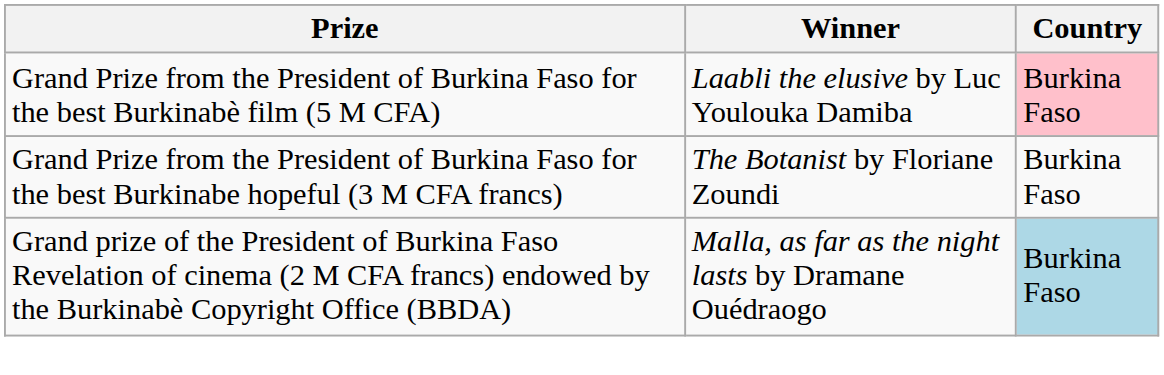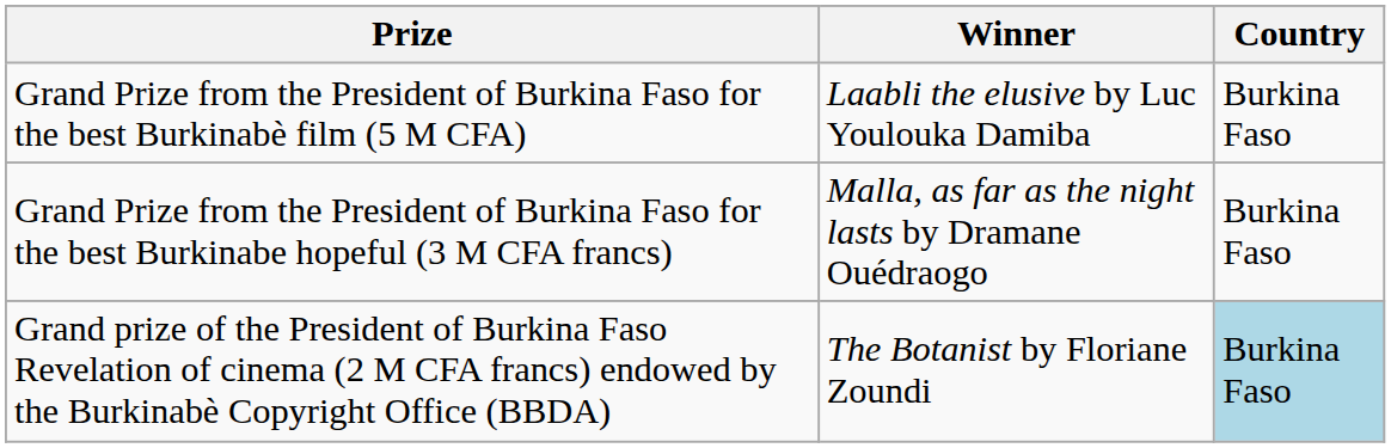 <table class="wikitable">
 <tr>
 <th>Prize</th>
 <th>Winner</th>
 <th>Country</th>
 </tr>
 <tr>
 <td>Grand Prize from the President of Burkina Faso for the best Burkinabè film (5 M CFA)</td>
 <td><em>Laabli the elusive</em> by Luc Youlouka Damiba</td>
-<td style="background: pink;">Burkina Faso</td>
+<td>Burkina Faso</td>
 </tr>
 <tr>
 <td>Grand Prize from the President of Burkina Faso for the best Burkinabe hopeful (3 M CFA francs)</td>
-<td><em>The Botanist</em> by Floriane Zoundi</td>
+<td><em>Malla, as far as the night lasts</em> by Dramane Ouédraogo</td>
 <td>Burkina Faso</td>
 </tr>
 <tr>
 <td>Grand prize of the President of Burkina Faso Revelation of cinema (2 M CFA francs) endowed by the Burkinabè Copyright Office (BBDA)</td>
-<td><em>Malla, as far as the night lasts</em> by Dramane Ouédraogo</td>
+<td><em>The Botanist</em> by Floriane Zoundi</td>
 <td style="background: lightblue;">Burkina Faso</td>
 </tr>
 </table>
